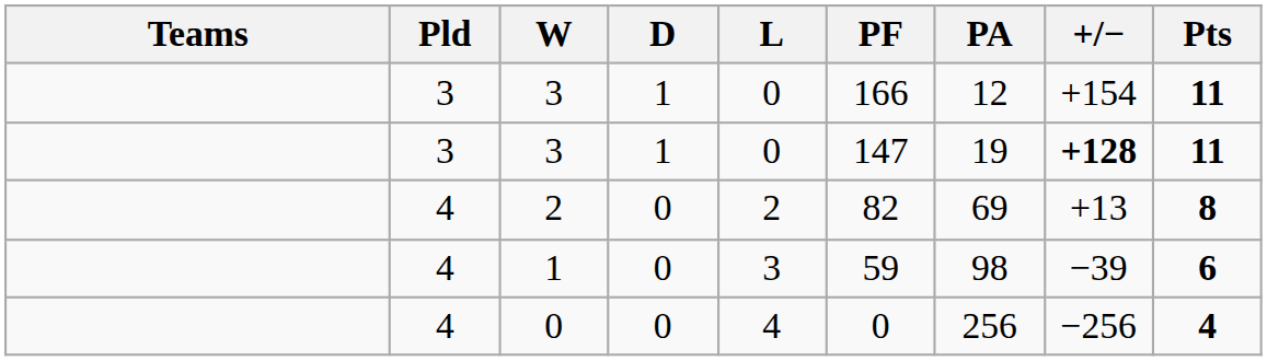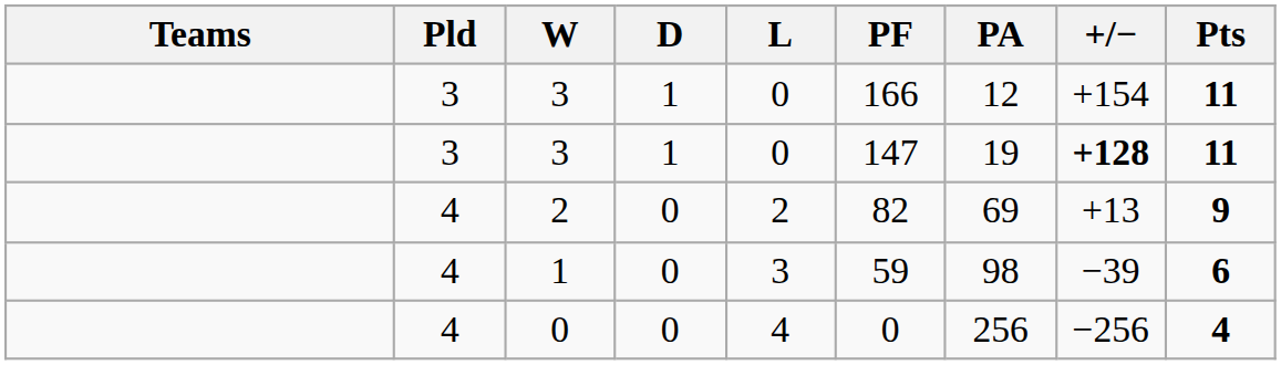 <table class="wikitable" style="text-align: center;">
 <tr>
 <th width="160">Teams</th>
 <th width="40">Pld</th>
 <th width="40">W</th>
 <th width="40">D</th>
 <th width="40">L</th>
 <th width="40">PF</th>
 <th width="40">PA</th>
 <th width="40">+/−</th>
 <th width="40">Pts</th>
 </tr>
 <tr>
 <td align=left></td>
 <td>3</td>
 <td>3</td>
 <td>1</td>
 <td>0</td>
 <td>166</td>
 <td>12</td>
 <td>+154</td>
 <td><strong>11</strong></td>
 </tr>
 <tr>
 <td align=left></td>
 <td>3</td>
 <td>3</td>
 <td>1</td>
 <td>0</td>
 <td>147</td>
 <td>19</td>
 <td><strong>+128</strong></td>
 <td><strong>11</strong></td>
 </tr>
 <tr>
 <td align=left></td>
 <td>4</td>
 <td>2</td>
 <td>0</td>
 <td>2</td>
 <td>82</td>
 <td>69</td>
 <td>+13</td>
-<td><strong>8</strong></td>
+<td><strong>9</strong></td>
 </tr>
 <tr>
 <td align=left></td>
 <td>4</td>
 <td>1</td>
 <td>0</td>
 <td>3</td>
 <td>59</td>
 <td>98</td>
 <td>−39</td>
 <td><strong>6</strong></td>
 </tr>
 <tr>
 <td align=left></td>
 <td>4</td>
 <td>0</td>
 <td>0</td>
 <td>4</td>
 <td>0</td>
 <td>256</td>
 <td>−256</td>
 <td><strong>4</strong></td>
 </tr>
 </table>
